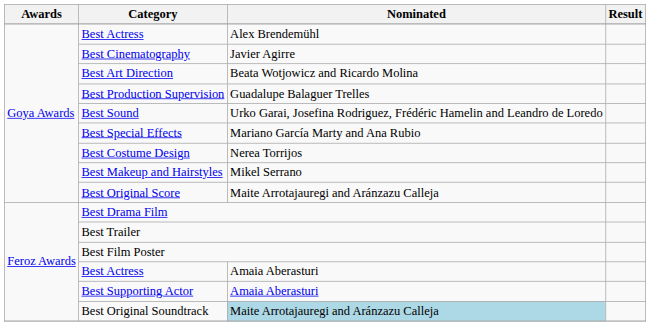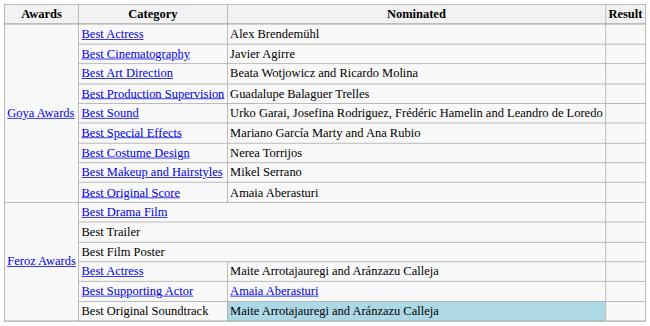 <table class="wikitable">
 <tr>
 <th>Awards</th>
 <th>Category</th>
 <th>Nominated</th>
 <th>Result</th>
 </tr>
 <tr>
 </tr>
 <tr>
 <td rowspan=9><a href='#'>Goya Awards</a></td>
 <td><a href='#'>Best Actress</a></td>
 <td>Alex Brendemühl</td>
 <td></td>
 </tr>
 <tr>
 <td><a href='#'>Best Cinematography</a></td>
 <td>Javier Agirre</td>
 <td></td>
 </tr>
 <tr>
 <td><a href='#'>Best Art Direction</a></td>
 <td>Beata Wotjowicz and Ricardo Molina</td>
 <td></td>
 </tr>
 <tr>
 <td><a href='#'>Best Production Supervision</a></td>
 <td>Guadalupe Balaguer Trelles</td>
 <td></td>
 </tr>
 <tr>
 <td><a href='#'>Best Sound</a></td>
 <td>Urko Garai, Josefina Rodriguez, Frédéric Hamelin and Leandro de Loredo</td>
 <td></td>
 </tr>
 <tr>
 <td><a href='#'>Best Special Effects</a></td>
 <td>Mariano García Marty and Ana Rubio</td>
 <td></td>
 </tr>
 <tr>
 <td><a href='#'>Best Costume Design</a></td>
 <td>Nerea Torrijos</td>
 <td></td>
 </tr>
 <tr>
 <td><a href='#'>Best Makeup and Hairstyles</a></td>
 <td>Mikel Serrano</td>
 <td></td>
 </tr>
 <tr>
 <td><a href='#'>Best Original Score</a></td>
-<td>Maite Arrotajauregi and Aránzazu Calleja</td>
+<td>Amaia Aberasturi</td>
 <td></td>
 </tr>
 <tr>
 <td rowspan=6><a href='#'>Feroz Awards</a></td>
 <td colspan=2><a href='#'>Best Drama Film</a></td>
 <td></td>
 </tr>
 <tr>
 <td colspan=2>Best Trailer</td>
 <td></td>
 </tr>
 <tr>
 <td colspan=2>Best Film Poster</td>
 <td></td>
 </tr>
 <tr>
 <td><a href='#'>Best Actress</a></td>
-<td>Amaia Aberasturi</td>
+<td>Maite Arrotajauregi and Aránzazu Calleja</td>
 <td></td>
 </tr>
 <tr>
 <td><a href='#'>Best Supporting Actor</a></td>
 <td><a href='#'>Amaia Aberasturi</a></td>
 <td></td>
 </tr>
 <tr>
 <td>Best Original Soundtrack</td>
 <td style="background: lightblue;">Maite Arrotajauregi and Aránzazu Calleja</td>
 <td></td>
 </tr>
 <tr>
 </tr>
 </table>
